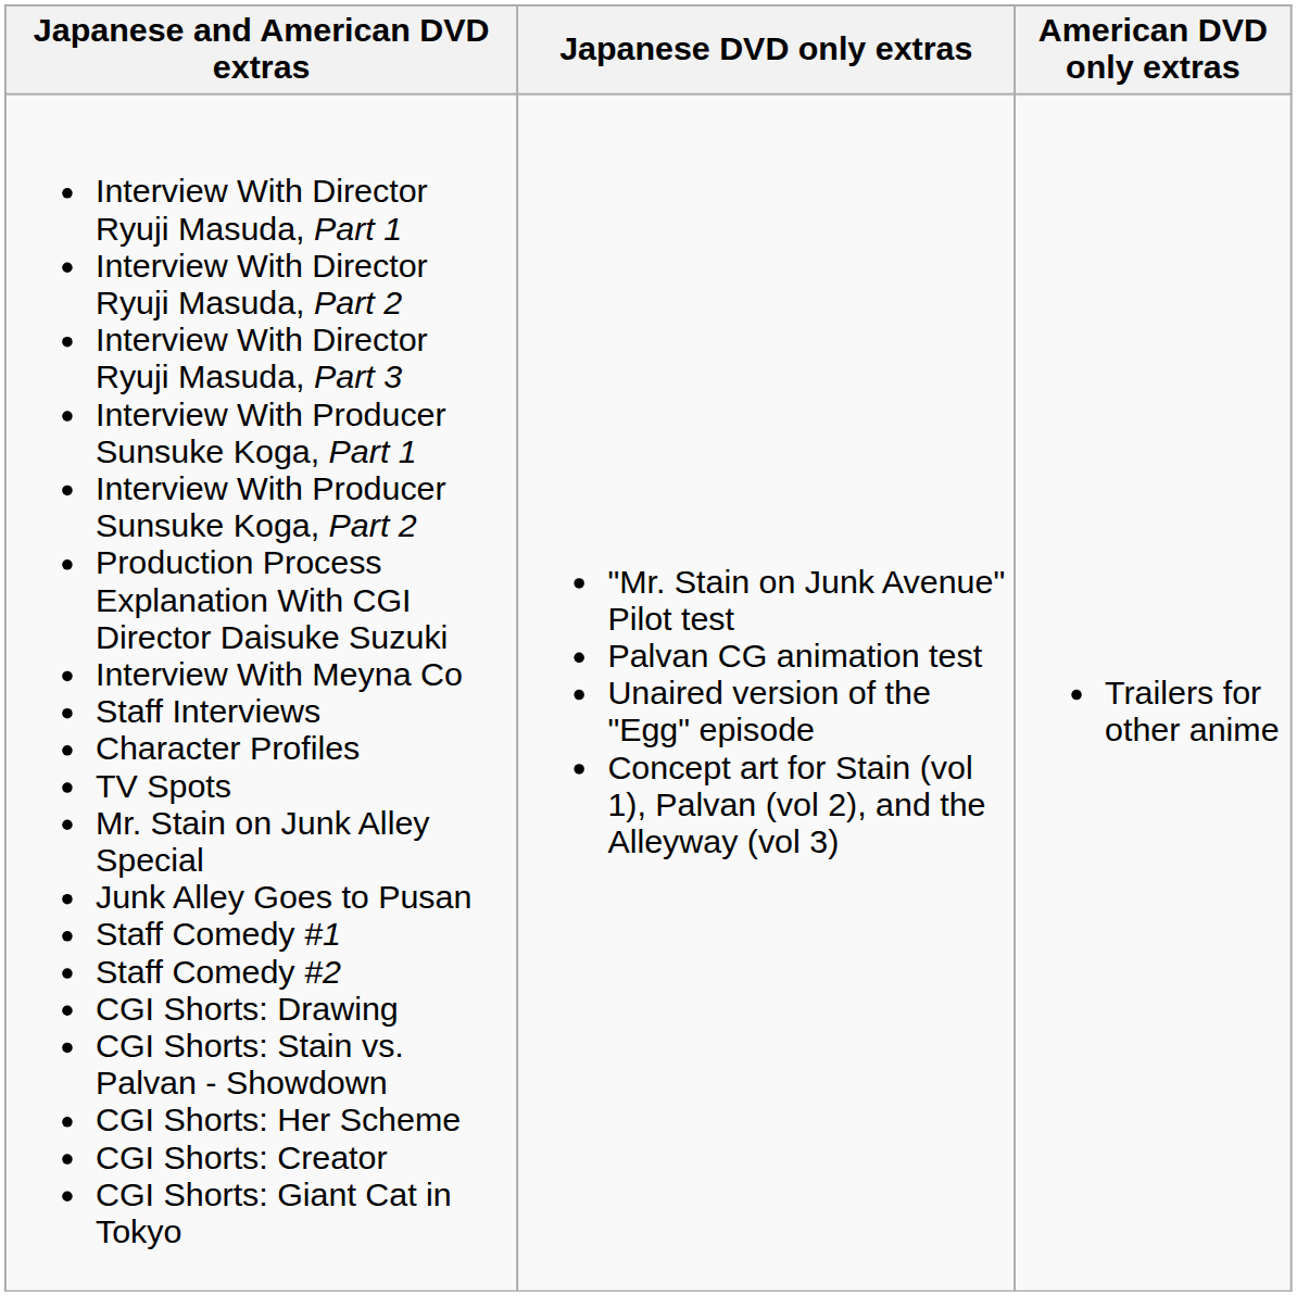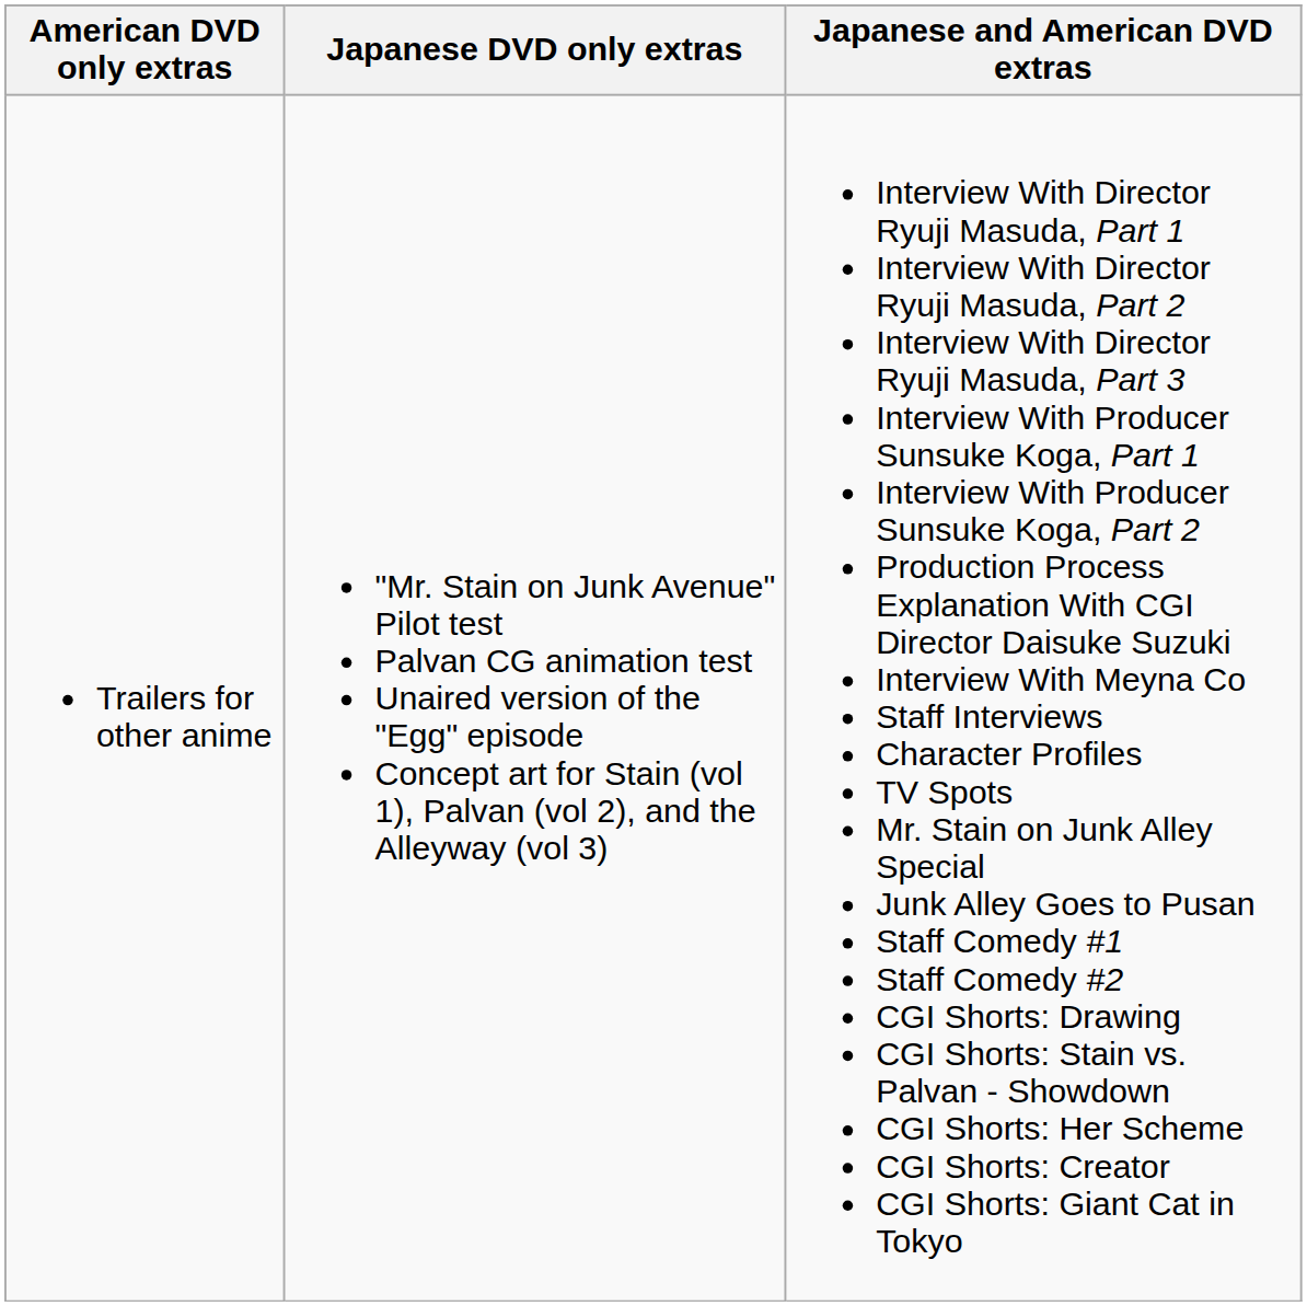 <table class="wikitable" style="margin: 1em auto 1em auto">
 <tr>
+<th>American DVD only extras</th>
+<th>Japanese DVD only extras</th>
 <th>Japanese and American DVD extras</th>
-<th>Japanese DVD only extras</th>
-<th>American DVD only extras</th>
 </tr>
 <tr>
+<td><br><ul><li>Trailers for other anime</li></ul></td>
+<td><br><ul><li>"Mr. Stain on Junk Avenue" Pilot test</li><li>Palvan CG animation test</li><li>Unaired version of the "Egg" episode</li><li>Concept art for Stain (vol 1), Palvan (vol 2), and the Alleyway (vol 3)</li></ul></td>
 <td><br><ul><li>Interview With Director Ryuji Masuda, <em>Part 1</em></li><li>Interview With Director Ryuji Masuda, <em>Part 2</em></li><li>Interview With Director Ryuji Masuda, <em>Part 3</em></li><li>Interview With Producer Sunsuke Koga, <em>Part 1</em></li><li>Interview With Producer Sunsuke Koga, <em>Part 2</em></li><li>Production Process Explanation With CGI Director Daisuke Suzuki</li><li>Interview With Meyna Co</li><li>Staff Interviews</li><li>Character Profiles</li><li>TV Spots</li><li>Mr. Stain on Junk Alley Special</li><li>Junk Alley Goes to Pusan</li><li>Staff Comedy <em>#1</em></li><li>Staff Comedy <em>#2</em></li><li>CGI Shorts: Drawing</li><li>CGI Shorts: Stain vs. Palvan - Showdown</li><li>CGI Shorts: Her Scheme</li><li>CGI Shorts: Creator</li><li>CGI Shorts: Giant Cat in Tokyo</li></ul></td>
-<td><br><ul><li>"Mr. Stain on Junk Avenue" Pilot test</li><li>Palvan CG animation test</li><li>Unaired version of the "Egg" episode</li><li>Concept art for Stain (vol 1), Palvan (vol 2), and the Alleyway (vol 3)</li></ul></td>
-<td><br><ul><li>Trailers for other anime</li></ul></td>
 </tr>
 </table>
